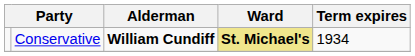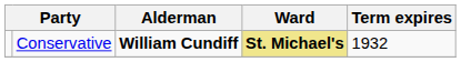 <table class="wikitable">
 <tr>
 <th colspan="2">Party</th>
 <th>Alderman</th>
 <th>Ward</th>
 <th>Term expires</th>
 </tr>
 <tr>
 <td style="background-color:"></td>
 <td><a href='#'>Conservative</a></td>
 <td><strong>William Cundiff</strong></td>
 <td style="background: khaki;"><strong>St. Michael's</strong></td>
-<td>1934</td>
+<td>1932</td>
 </tr>
 <tr>
 </tr>
 </table>
